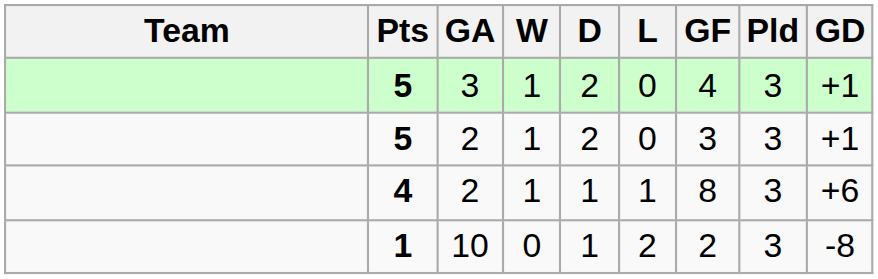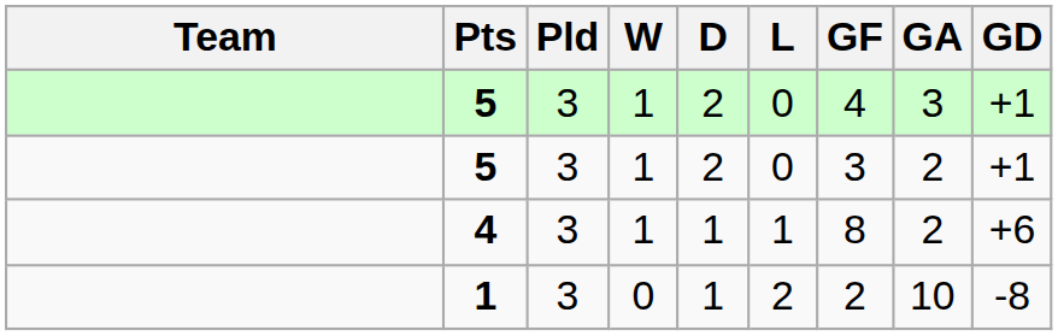 <table class=wikitable style="text-align:center">
 <tr>
 <th width=165>Team</th>
 <th width=20>Pts</th>
-<th width=20>GA</th>
+<th width=20>Pld</th>
 <th width=20>W</th>
 <th width=20>D</th>
 <th width=20>L</th>
 <th width=20>GF</th>
-<th width=20>Pld</th>
+<th width=20>GA</th>
 <th width=20>GD</th>
 </tr>
 <tr style="text-align:center; background:#cfc;">
 <td style="text-align:left;"></td>
 <td><strong>5</strong></td>
 <td>3</td>
 <td>1</td>
 <td>2</td>
 <td>0</td>
 <td>4</td>
 <td>3</td>
 <td>+1</td>
 </tr>
 <tr align=center>
 <td style="text-align:left;"></td>
 <td><strong>5</strong></td>
-<td>2</td>
+<td>3</td>
 <td>1</td>
 <td>2</td>
 <td>0</td>
 <td>3</td>
-<td>3</td>
+<td>2</td>
 <td>+1</td>
 </tr>
 <tr align=center>
 <td style="text-align:left;"></td>
 <td><strong>4</strong></td>
-<td>2</td>
+<td>3</td>
 <td>1</td>
 <td>1</td>
 <td>1</td>
 <td>8</td>
-<td>3</td>
+<td>2</td>
 <td>+6</td>
 </tr>
 <tr align=center>
 <td style="text-align:left;"></td>
 <td><strong>1</strong></td>
-<td>10</td>
+<td>3</td>
 <td>0</td>
 <td>1</td>
 <td>2</td>
 <td>2</td>
-<td>3</td>
+<td>10</td>
 <td>-8</td>
 </tr>
 </table>
